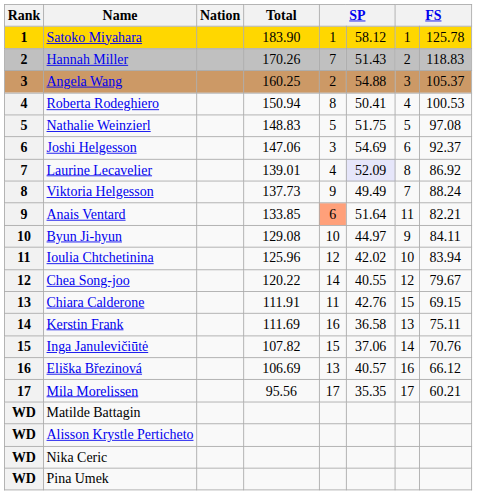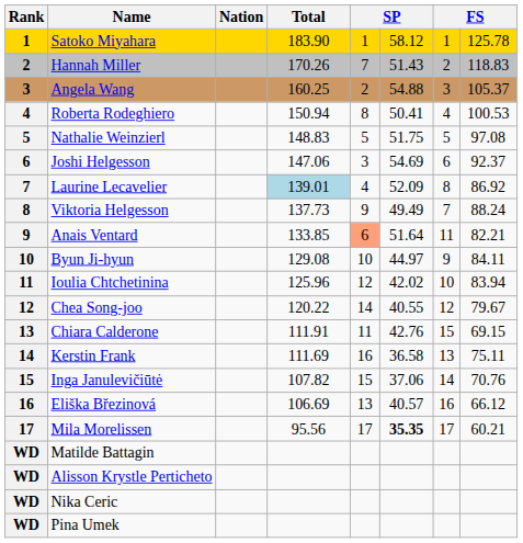 <table class="wikitable sortable">
 <tr>
 <th>Rank</th>
 <th>Name</th>
 <th>Nation</th>
 <th width="80px">Total</th>
 <th colspan="2" width="80px"><a href='#'>SP</a></th>
 <th colspan="2" width="80px"><a href='#'>FS</a></th>
 </tr>
 <tr bgcolor="gold">
 <td align="center"><strong>1</strong></td>
 <td><a href='#'>Satoko Miyahara</a></td>
 <td></td>
 <td align="center">183.90</td>
 <td align="center">1</td>
 <td align="center">58.12</td>
 <td align="center">1</td>
 <td align="center">125.78</td>
 </tr>
 <tr bgcolor="silver">
 <td align="center"><strong>2</strong></td>
 <td><a href='#'>Hannah Miller</a></td>
 <td></td>
 <td align="center">170.26</td>
 <td align="center">7</td>
 <td align="center">51.43</td>
 <td align="center">2</td>
 <td align="center">118.83</td>
 </tr>
 <tr bgcolor="cc9966">
 <td align="center"><strong>3</strong></td>
 <td><a href='#'>Angela Wang</a></td>
 <td></td>
 <td align="center">160.25</td>
 <td align="center">2</td>
 <td align="center">54.88</td>
 <td align="center">3</td>
 <td align="center">105.37</td>
 </tr>
 <tr>
 <th>4</th>
 <td><a href='#'>Roberta Rodeghiero</a></td>
 <td></td>
 <td align="center">150.94</td>
 <td align="center">8</td>
 <td align="center">50.41</td>
 <td align="center">4</td>
 <td align="center">100.53</td>
 </tr>
 <tr>
 <th>5</th>
 <td><a href='#'>Nathalie Weinzierl</a></td>
 <td></td>
 <td align="center">148.83</td>
 <td align="center">5</td>
 <td align="center">51.75</td>
 <td align="center">5</td>
 <td align="center">97.08</td>
 </tr>
 <tr>
 <th>6</th>
 <td><a href='#'>Joshi Helgesson</a></td>
 <td></td>
 <td align="center">147.06</td>
 <td align="center">3</td>
 <td align="center">54.69</td>
 <td align="center">6</td>
 <td align="center">92.37</td>
 </tr>
 <tr>
 <th>7</th>
 <td><a href='#'>Laurine Lecavelier</a></td>
 <td></td>
-<td align="center">139.01</td>
+<td align="center" style="background: lightblue;">139.01</td>
 <td align="center">4</td>
-<td align="center" style="background: lavender;">52.09</td>
+<td align="center">52.09</td>
 <td align="center">8</td>
 <td align="center">86.92</td>
 </tr>
 <tr>
 <th>8</th>
 <td><a href='#'>Viktoria Helgesson</a></td>
 <td></td>
 <td align="center">137.73</td>
 <td align="center">9</td>
 <td align="center">49.49</td>
 <td align="center">7</td>
 <td align="center">88.24</td>
 </tr>
 <tr>
 <th>9</th>
 <td><a href='#'>Anais Ventard</a></td>
 <td></td>
 <td align="center">133.85</td>
 <td align="center" style="background: lightsalmon;">6</td>
 <td align="center">51.64</td>
 <td align="center">11</td>
 <td align="center">82.21</td>
 </tr>
 <tr>
 <th>10</th>
 <td><a href='#'>Byun Ji-hyun</a></td>
 <td></td>
 <td align="center">129.08</td>
 <td align="center">10</td>
 <td align="center">44.97</td>
 <td align="center">9</td>
 <td align="center">84.11</td>
 </tr>
 <tr>
 <th>11</th>
 <td><a href='#'>Ioulia Chtchetinina</a></td>
 <td></td>
 <td align="center">125.96</td>
 <td align="center">12</td>
 <td align="center">42.02</td>
 <td align="center">10</td>
 <td align="center">83.94</td>
 </tr>
 <tr>
 <th>12</th>
 <td><a href='#'>Chea Song-joo</a></td>
 <td></td>
 <td align="center">120.22</td>
 <td align="center">14</td>
 <td align="center">40.55</td>
 <td align="center">12</td>
 <td align="center">79.67</td>
 </tr>
 <tr>
 <th>13</th>
 <td><a href='#'>Chiara Calderone</a></td>
 <td></td>
 <td align="center">111.91</td>
 <td align="center">11</td>
 <td align="center">42.76</td>
 <td align="center">15</td>
 <td align="center">69.15</td>
 </tr>
 <tr>
 <th>14</th>
 <td><a href='#'>Kerstin Frank</a></td>
 <td></td>
 <td align="center">111.69</td>
 <td align="center">16</td>
 <td align="center">36.58</td>
 <td align="center">13</td>
 <td align="center">75.11</td>
 </tr>
 <tr>
 <th>15</th>
 <td><a href='#'>Inga Janulevičiūtė</a></td>
 <td></td>
 <td align="center">107.82</td>
 <td align="center">15</td>
 <td align="center">37.06</td>
 <td align="center">14</td>
 <td align="center">70.76</td>
 </tr>
 <tr>
 <th>16</th>
 <td><a href='#'>Eliška Březinová</a></td>
 <td></td>
 <td align="center">106.69</td>
 <td align="center">13</td>
 <td align="center">40.57</td>
 <td align="center">16</td>
 <td align="center">66.12</td>
 </tr>
 <tr>
 <th>17</th>
 <td><a href='#'>Mila Morelissen</a></td>
 <td></td>
 <td align="center">95.56</td>
 <td align="center">17</td>
-<td align="center">35.35</td>
+<td align="center"><strong>35.35</strong></td>
 <td align="center">17</td>
 <td align="center">60.21</td>
 </tr>
 <tr>
 <th>WD</th>
 <td>Matilde Battagin</td>
 <td></td>
 <td align="center"></td>
 <td align="center"></td>
 <td align="center"></td>
 <td align="center"></td>
 <td align="center"></td>
 </tr>
 <tr>
 <th>WD</th>
 <td><a href='#'>Alisson Krystle Perticheto</a></td>
 <td></td>
 <td align="center"></td>
 <td align="center"></td>
 <td align="center"></td>
 <td align="center"></td>
 <td align="center"></td>
 </tr>
 <tr>
 <th>WD</th>
 <td>Nika Ceric</td>
 <td></td>
 <td align="center"></td>
 <td align="center"></td>
 <td align="center"></td>
 <td align="center"></td>
 <td align="center"></td>
 </tr>
 <tr>
 <th>WD</th>
 <td>Pina Umek</td>
 <td></td>
 <td align="center"></td>
 <td align="center"></td>
 <td align="center"></td>
 <td align="center"></td>
 <td align="center"></td>
 </tr>
 </table>
